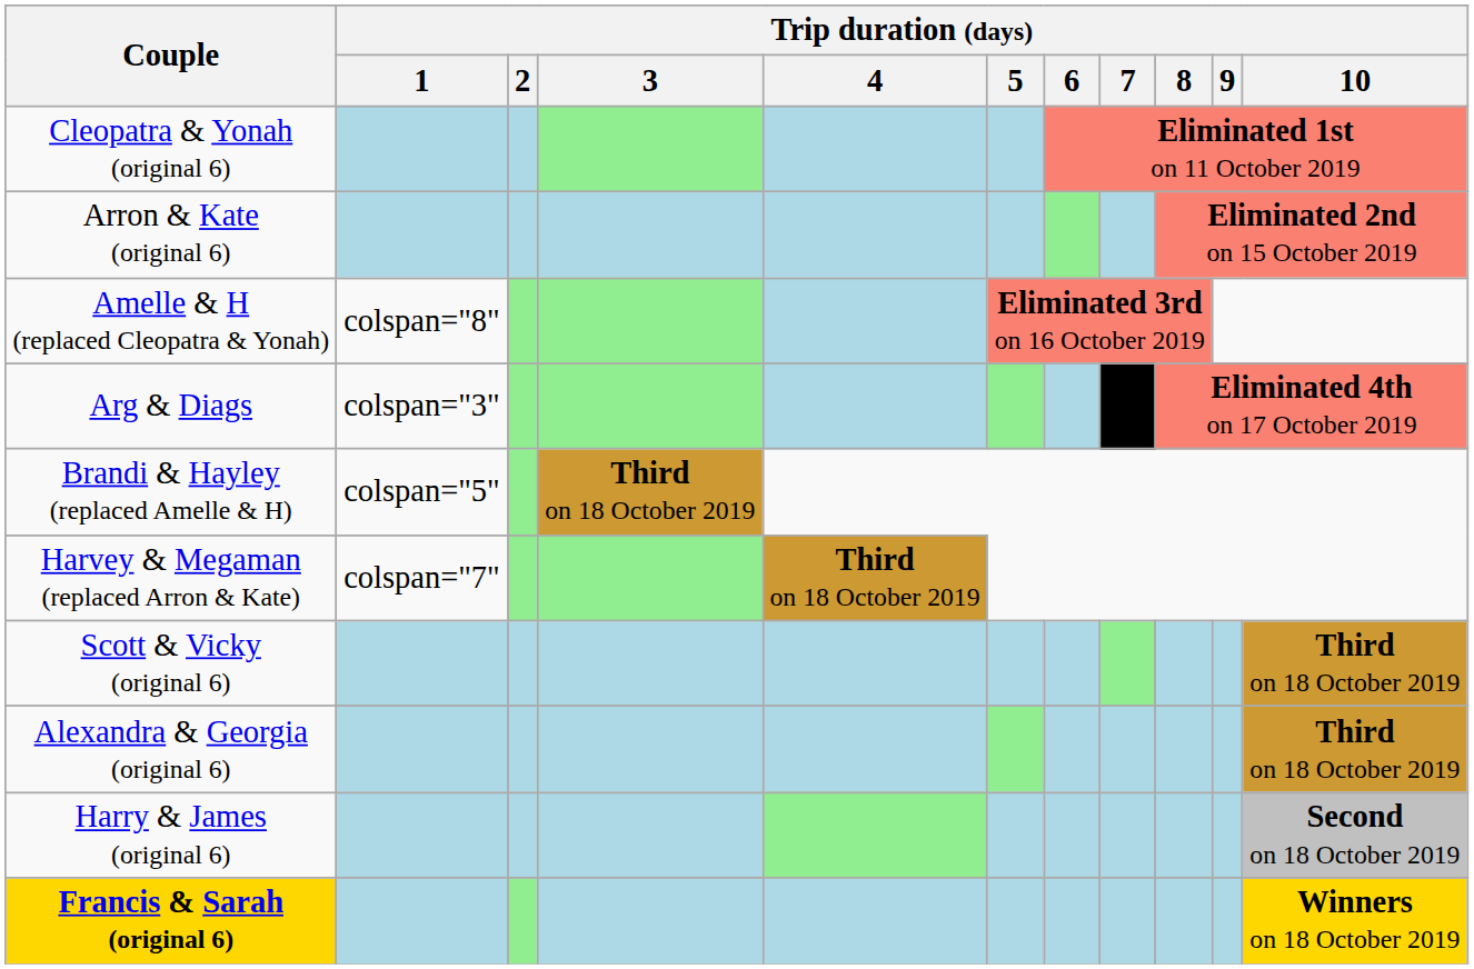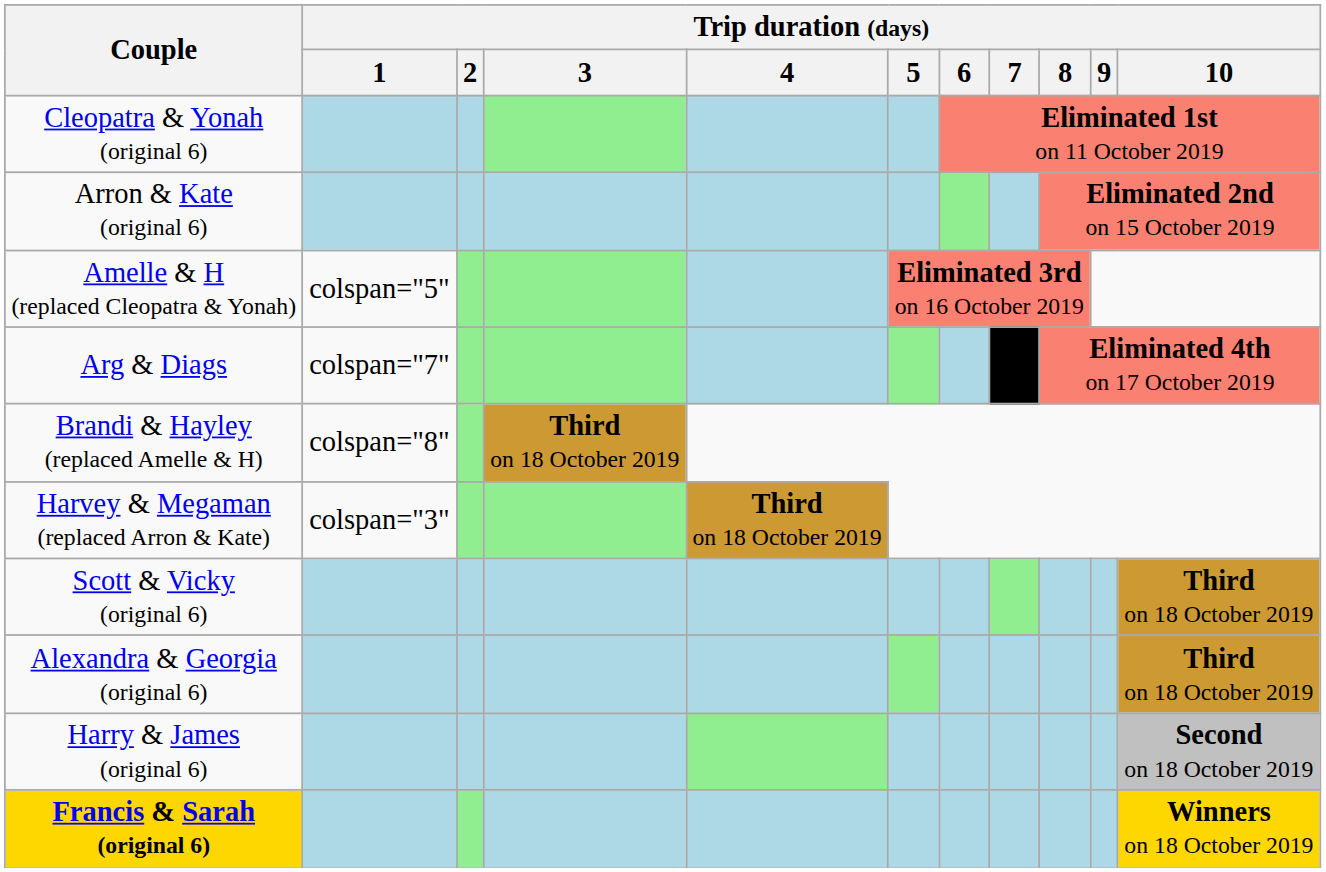 <table class="wikitable" style="text-align:center;">
 <tr>
 <th rowspan="2">Couple</th>
 <th colspan="10">Trip duration <small>(days)</small></th>
 </tr>
 <tr>
 <th>1</th>
 <th>2</th>
 <th>3</th>
 <th>4</th>
 <th>5</th>
 <th>6</th>
 <th>7</th>
 <th>8</th>
 <th>9</th>
 <th>10</th>
 </tr>
 <tr>
 <td><a href='#'>Cleopatra</a> & <a href='#'>Yonah</a><br><small>(original 6)</small></td>
 <td style="background:lightblue;"></td>
 <td style="background:lightblue;"></td>
 <td style="background:lightgreen;"></td>
 <td style="background:lightblue;"></td>
 <td style="background:lightblue;"></td>
 <td colspan="5" style="background:salmon;"><strong>Eliminated 1st</strong><br><small>on 11 October 2019</small></td>
 </tr>
 <tr>
 <td>Arron & <a href='#'>Kate</a><br><small>(original 6)</small></td>
 <td style="background:lightblue;"></td>
 <td style="background:lightblue;"></td>
 <td style="background:lightblue;"></td>
 <td style="background:lightblue;"></td>
 <td style="background:lightblue;"></td>
 <td style="background:lightgreen;"></td>
 <td style="background:lightblue;"></td>
 <td colspan="4" style="background:salmon;"><strong>Eliminated 2nd</strong><br><small>on 15 October 2019</small></td>
 </tr>
 <tr>
 <td><a href='#'>Amelle</a> & <a href='#'>H</a><br><small>(replaced Cleopatra & Yonah)</small></td>
-<td>colspan="8" </td>
+<td>colspan="5" </td>
 <td style="background:lightgreen;"></td>
 <td style="background:lightgreen;"></td>
 <td style="background:lightblue;"></td>
 <td colspan="4" style="background:salmon;"><strong>Eliminated 3rd</strong><br><small>on 16 October 2019</small></td>
 </tr>
 <tr>
 <td><a href='#'>Arg</a> & <a href='#'>Diags</a></td>
-<td>colspan="3" </td>
+<td>colspan="7" </td>
 <td style="background:lightgreen;"></td>
 <td style="background:lightgreen;"></td>
 <td style="background:lightblue;"></td>
 <td style="background:lightgreen;"></td>
 <td style="background:lightblue;"></td>
 <td style="background:black;"></td>
 <td colspan="4" style="background:salmon;"><strong>Eliminated 4th</strong><br><small>on 17 October 2019</small></td>
 </tr>
 <tr>
 <td><a href='#'>Brandi</a> & <a href='#'>Hayley</a><br><small>(replaced Amelle & H)</small></td>
-<td>colspan="5" </td>
+<td>colspan="8" </td>
 <td style="background:lightgreen;"></td>
 <td style="background:#cc9933;"><strong>Third</strong><br><small>on 18 October 2019</small></td>
 </tr>
 <tr>
 <td><a href='#'>Harvey</a> & <a href='#'>Megaman</a><br><small>(replaced Arron & Kate)</small></td>
-<td>colspan="7" </td>
+<td>colspan="3" </td>
 <td style="background:lightgreen;"></td>
 <td style="background:lightgreen;"></td>
 <td style="background:#cc9933;"><strong>Third</strong><br><small>on 18 October 2019</small></td>
 </tr>
 <tr>
 <td><a href='#'>Scott</a> & <a href='#'>Vicky</a><br><small>(original 6)</small></td>
 <td style="background:lightblue;"></td>
 <td style="background:lightblue;"></td>
 <td style="background:lightblue;"></td>
 <td style="background:lightblue;"></td>
 <td style="background:lightblue;"></td>
 <td style="background:lightblue;"></td>
 <td style="background:lightgreen;"></td>
 <td style="background:lightblue;"></td>
 <td style="background:lightblue;"></td>
 <td style="background:#cc9933;"><strong>Third</strong><br><small>on 18 October 2019</small></td>
 </tr>
 <tr>
 <td><a href='#'>Alexandra</a> & <a href='#'>Georgia</a><br><small>(original 6)</small></td>
 <td style="background:lightblue;"></td>
 <td style="background:lightblue;"></td>
 <td style="background:lightblue;"></td>
 <td style="background:lightblue;"></td>
 <td style="background:lightgreen;"></td>
 <td style="background:lightblue;"></td>
 <td style="background:lightblue;"></td>
 <td style="background:lightblue;"></td>
 <td style="background:lightblue;"></td>
 <td style="background:#cc9933;"><strong>Third</strong><br><small>on 18 October 2019</small></td>
 </tr>
 <tr>
 <td><a href='#'>Harry</a> & <a href='#'>James</a><br><small>(original 6)</small></td>
 <td style="background:lightblue;"></td>
 <td style="background:lightblue;"></td>
 <td style="background:lightblue;"></td>
 <td style="background:lightgreen;"></td>
 <td style="background:lightblue;"></td>
 <td style="background:lightblue;"></td>
 <td style="background:lightblue;"></td>
 <td style="background:lightblue;"></td>
 <td style="background:lightblue;"></td>
 <td style="background:silver;"><strong>Second</strong><br><small>on 18 October 2019</small></td>
 </tr>
 <tr>
 <td style="background:gold;"><strong><a href='#'>Francis</a> & <a href='#'>Sarah</a></strong><br><small><strong>(original 6)</strong></small></td>
 <td style="background:lightblue;"></td>
 <td style="background:lightgreen;"></td>
 <td style="background:lightblue;"></td>
 <td style="background:lightblue;"></td>
 <td style="background:lightblue;"></td>
 <td style="background:lightblue;"></td>
 <td style="background:lightblue;"></td>
 <td style="background:lightblue;"></td>
 <td style="background:lightblue;"></td>
 <td style="background:gold;"><strong>Winners</strong><br><small>on 18 October 2019</small></td>
 </tr>
 </table>
